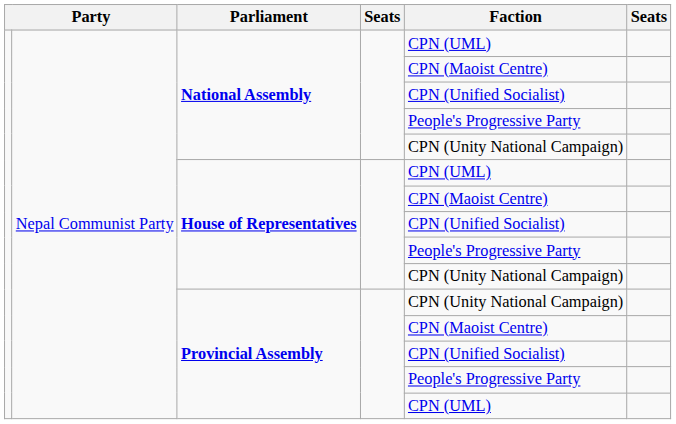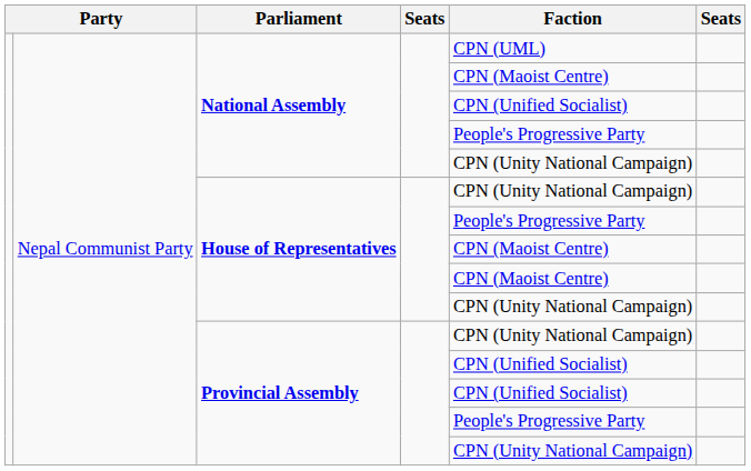 <table class="wikitable">
 <tr>
 <th colspan="2">Party</th>
 <th>Parliament</th>
 <th>Seats</th>
 <th>Faction</th>
 <th>Seats</th>
 </tr>
 <tr>
 <td rowspan="15"></td>
 <td rowspan="15"><a href='#'>Nepal Communist Party</a></td>
 <td rowspan="5"><strong><a href='#'>National Assembly</a></strong></td>
 <td rowspan="5"></td>
 <td><a href='#'>CPN (UML)</a></td>
 <td></td>
 </tr>
 <tr>
 <td><a href='#'>CPN (Maoist Centre)</a></td>
 <td></td>
 </tr>
 <tr>
 <td><a href='#'>CPN (Unified Socialist)</a></td>
 <td></td>
 </tr>
 <tr>
 <td><a href='#'>People's Progressive Party</a></td>
 <td></td>
 </tr>
 <tr>
 <td>CPN (Unity National Campaign)</td>
 <td></td>
 </tr>
 <tr>
 <td rowspan="5"><strong><a href='#'>House of Representatives</a></strong></td>
 <td rowspan="5"></td>
-<td><a href='#'>CPN (UML)</a></td>
+<td>CPN (Unity National Campaign)</td>
+<td></td>
+</tr>
+<tr>
+<td><a href='#'>People's Progressive Party</a></td>
 <td></td>
 </tr>
 <tr>
 <td><a href='#'>CPN (Maoist Centre)</a></td>
 <td></td>
 </tr>
 <tr>
-<td><a href='#'>CPN (Unified Socialist)</a></td>
-<td></td>
-</tr>
-<tr>
-<td><a href='#'>People's Progressive Party</a></td>
+<td><a href='#'>CPN (Maoist Centre)</a></td>
 <td></td>
 </tr>
 <tr>
 <td>CPN (Unity National Campaign)</td>
 <td></td>
 </tr>
 <tr>
 <td rowspan="5"><strong><a href='#'>Provincial Assembly</a></strong></td>
 <td rowspan="5"></td>
 <td>CPN (Unity National Campaign)</td>
 <td></td>
 </tr>
 <tr>
-<td><a href='#'>CPN (Maoist Centre)</a></td>
+<td><a href='#'>CPN (Unified Socialist)</a></td>
 <td></td>
 </tr>
 <tr>
 <td><a href='#'>CPN (Unified Socialist)</a></td>
 <td></td>
 </tr>
 <tr>
 <td><a href='#'>People's Progressive Party</a></td>
 <td></td>
 </tr>
 <tr>
-<td><a href='#'>CPN (UML)</a></td>
+<td><a href='#'>CPN (Unity National Campaign)</a></td>
 <td></td>
 </tr>
 </table>
